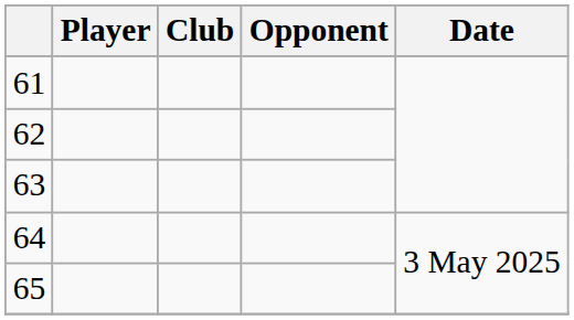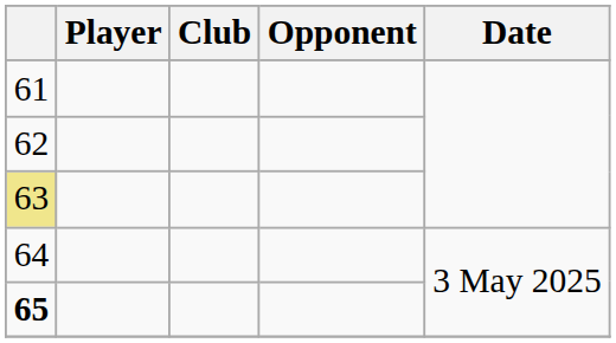 <table class="wikitable" style="text-align:center">
 <tr>
 <th></th>
 <th>Player</th>
 <th>Club</th>
 <th>Opponent</th>
 <th>Date</th>
 </tr>
 <tr>
 <td>61</td>
 <td align="left"></td>
 <td></td>
 <td></td>
 <td rowspan="3"></td>
 </tr>
 <tr>
 <td>62</td>
 <td align="left"></td>
 <td></td>
 <td></td>
 </tr>
 <tr>
-<td>63</td>
+<td style="background: khaki;">63</td>
 <td align="left"></td>
 <td></td>
 <td></td>
 </tr>
 <tr>
 <td>64</td>
 <td align="left"></td>
 <td></td>
 <td></td>
 <td rowspan="2">3 May 2025</td>
 </tr>
 <tr>
-<td>65</td>
+<td><strong>65</strong></td>
 <td align="left"></td>
 <td></td>
 <td></td>
 </tr>
 <tr>
 </tr>
 </table>
